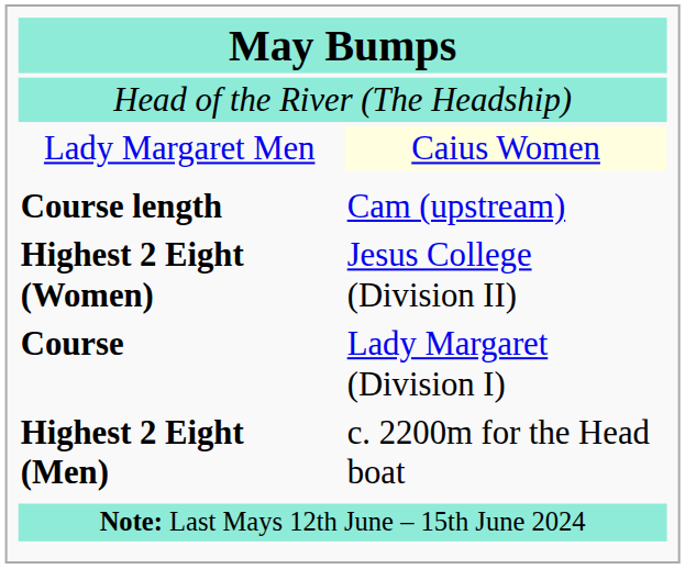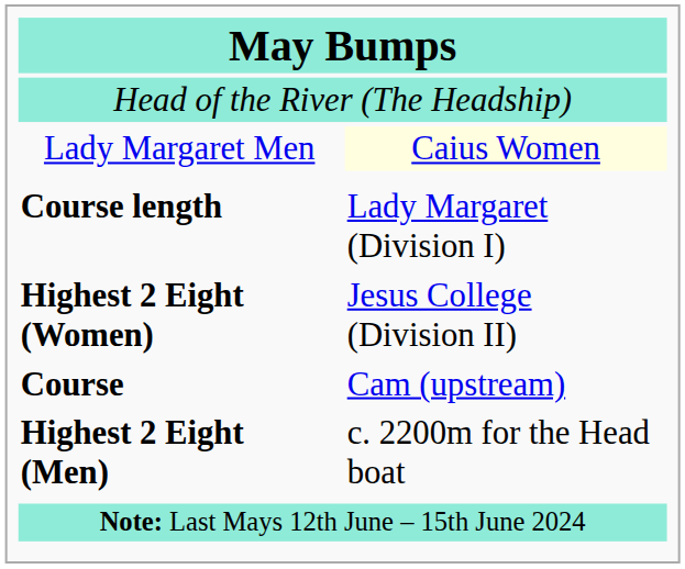 <table class="infobox" style="width: 20em; font-size: 95%;">
 <tr>
 <td colspan="2" style="text-align: center; font-size: 130%;background: #8EEBD8;color:black"><strong>May Bumps</strong></td>
 </tr>
 <tr>
 <td colspan="2" style="text-align: center; font-size: 100%; background: #8EEBD8; color:black"><em>Head of the River (The Headship)</em></td>
 </tr>
 <tr>
 <td style="text-align: center"><a href='#'>Lady Margaret Men</a></td>
 <td style="background: lightyellow; text-align: center"><a href='#'>Caius Women</a></td>
 </tr>
 <tr>
 <td style="width:25%; vertical-align:middle; text-align:center;"></td>
 <td style="width:25%; vertical-align:middle; text-align:center;"></td>
 </tr>
 <tr>
 <td><strong>Course length</strong></td>
-<td><a href='#'>Cam (upstream)</a></td>
+<td><a href='#'>Lady Margaret</a> (Division I)</td>
 </tr>
 <tr>
 <td><strong>Highest 2 Eight (Women)</strong></td>
 <td><a href='#'>Jesus College</a> (Division II)</td>
 </tr>
 <tr>
 <td><strong>Course</strong></td>
-<td><a href='#'>Lady Margaret</a> (Division I)</td>
+<td><a href='#'>Cam (upstream)</a></td>
 </tr>
 <tr>
 <td><strong>Highest 2 Eight (Men)</strong></td>
 <td>c. 2200m for the Head boat</td>
 </tr>
 <tr>
 </tr>
 <tr>
 <td colspan="2" style="text-align: center; font-size: 80%; background: #8EEBD8; color:black"><strong>Note:</strong> Last Mays 12th June – 15th June 2024</td>
 </tr>
 <tr>
 <td colspan="2" style="text-align: center"></td>
 </tr>
 </table>
